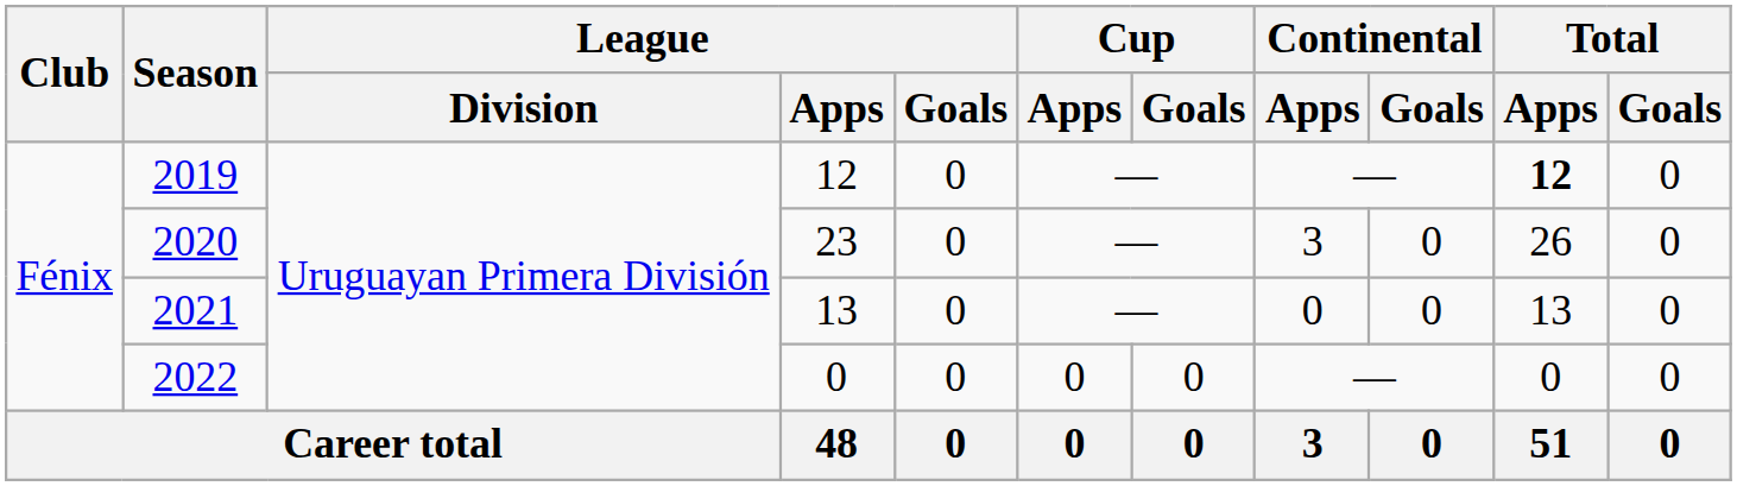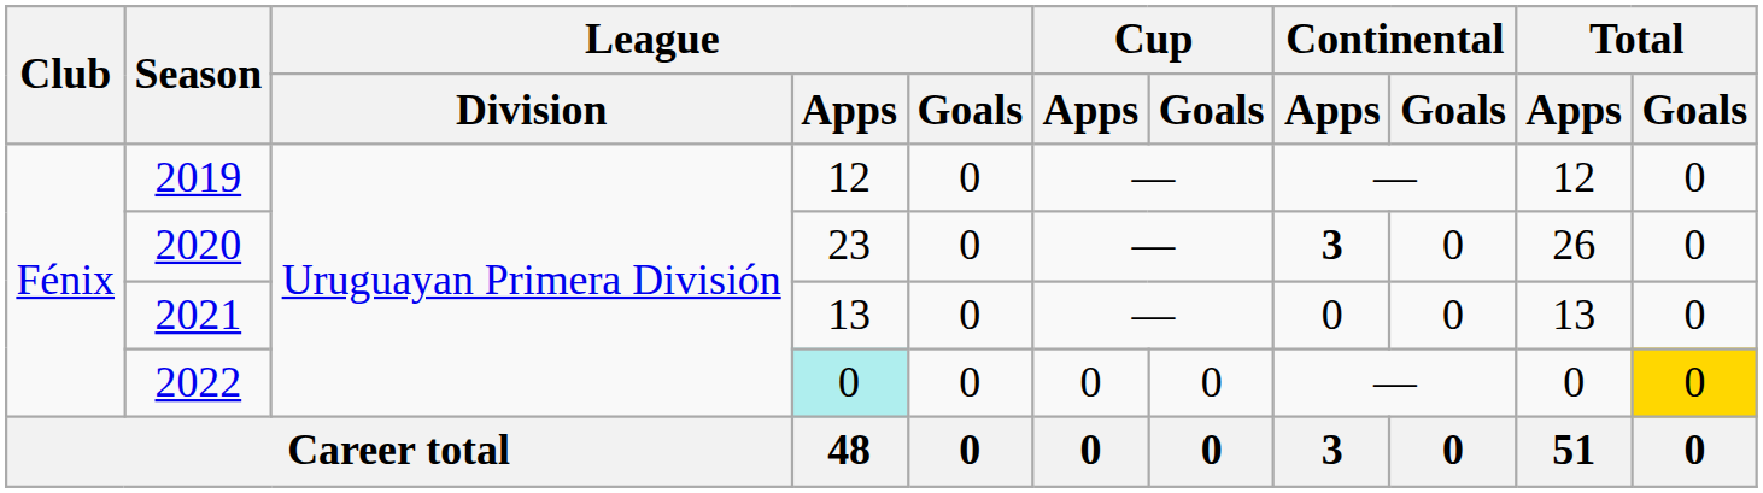 <table class="wikitable" style="text-align: center">
 <tr>
 <th rowspan="2">Club</th>
 <th rowspan="2">Season</th>
 <th colspan="3">League</th>
 <th colspan="2">Cup</th>
 <th colspan="2">Continental</th>
 <th colspan="2">Total</th>
 </tr>
 <tr>
 <th>Division</th>
 <th>Apps</th>
 <th>Goals</th>
 <th>Apps</th>
 <th>Goals</th>
 <th>Apps</th>
 <th>Goals</th>
 <th>Apps</th>
 <th>Goals</th>
 </tr>
 <tr>
 <td rowspan="4"><a href='#'>Fénix</a></td>
 <td><a href='#'>2019</a></td>
 <td rowspan="4"><a href='#'>Uruguayan Primera División</a></td>
 <td>12</td>
 <td>0</td>
 <td colspan="2">—</td>
 <td colspan="2">—</td>
-<td><strong>12</strong></td>
+<td>12</td>
 <td>0</td>
 </tr>
 <tr>
 <td><a href='#'>2020</a></td>
 <td>23</td>
 <td>0</td>
 <td colspan="2">—</td>
-<td>3</td>
+<td><strong>3</strong></td>
 <td>0</td>
 <td>26</td>
 <td>0</td>
 </tr>
 <tr>
 <td><a href='#'>2021</a></td>
 <td>13</td>
 <td>0</td>
 <td colspan="2">—</td>
 <td>0</td>
 <td>0</td>
 <td>13</td>
 <td>0</td>
 </tr>
 <tr>
 <td><a href='#'>2022</a></td>
-<td>0</td>
+<td style="background: paleturquoise;">0</td>
 <td>0</td>
 <td>0</td>
 <td>0</td>
 <td colspan="2">—</td>
 <td>0</td>
-<td>0</td>
+<td style="background: gold;">0</td>
 </tr>
 <tr>
 <th colspan="3">Career total</th>
 <th>48</th>
 <th>0</th>
 <th>0</th>
 <th>0</th>
 <th>3</th>
 <th>0</th>
 <th>51</th>
 <th>0</th>
 </tr>
 </table>
